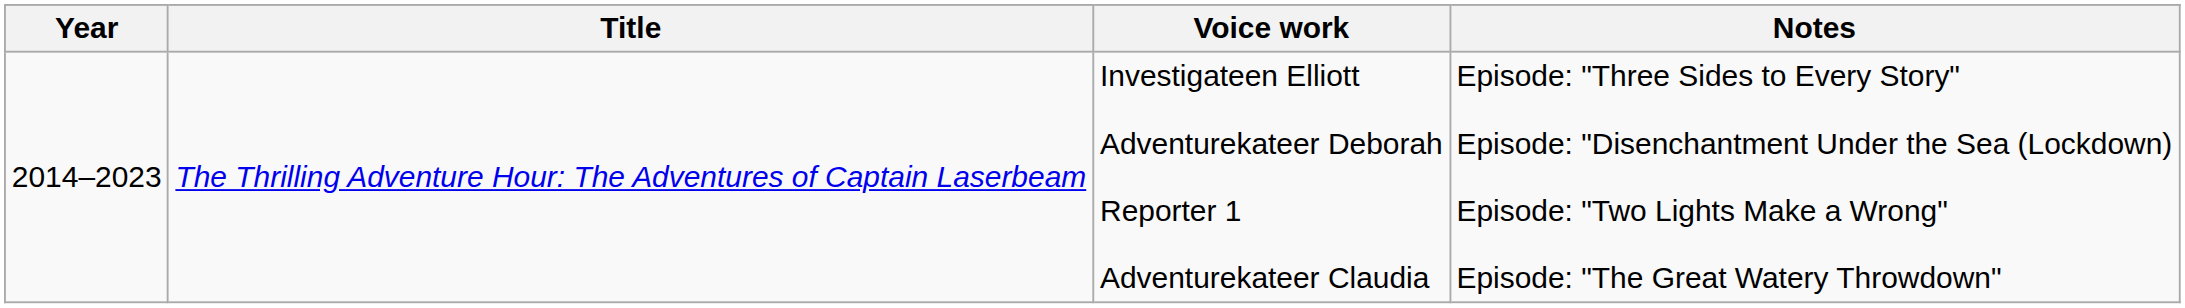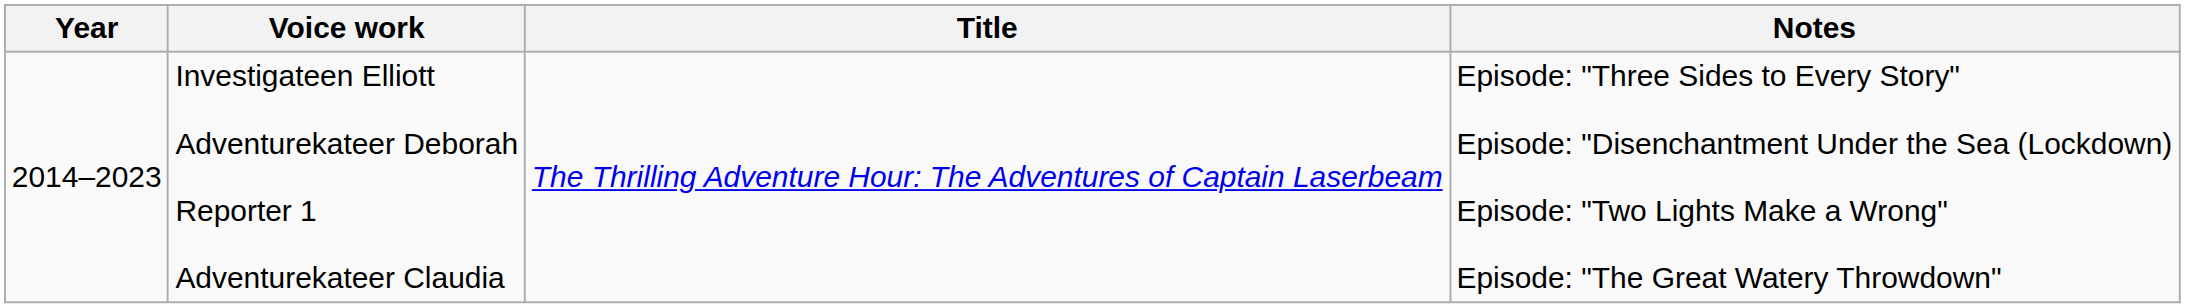 <table class="wikitable sortable">
 <tr>
 <th>Year</th>
+<th>Voice work</th>
 <th>Title</th>
-<th>Voice work</th>
 <th class="wikitable unsortable">Notes</th>
 </tr>
 <tr>
 <td>2014–2023</td>
+<td>Investigateen Elliott<br><br>Adventurekateer Deborah<br><br>Reporter 1<br><br>Adventurekateer Claudia</td>
 <td><em><a href='#'>The Thrilling Adventure Hour: The Adventures of Captain Laserbeam</a></em></td>
-<td>Investigateen Elliott<br><br>Adventurekateer Deborah<br><br>Reporter 1<br><br>Adventurekateer Claudia</td>
 <td>Episode: "Three Sides to Every Story"<br><br>Episode: "Disenchantment Under the Sea (Lockdown)<br><br>Episode: "Two Lights Make a Wrong"<br><br>Episode: "The Great Watery Throwdown"</td>
 </tr>
 </table>
